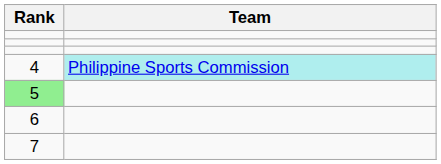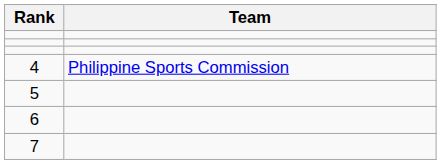 <table class="wikitable" style="text-align: center;">
 <tr>
 <th width=50>Rank</th>
 <th width=350>Team</th>
 </tr>
 <tr>
 <td></td>
 <td align="left"></td>
 </tr>
 <tr>
 <td></td>
 <td align="left"></td>
 </tr>
 <tr>
 <td></td>
 <td align="left"></td>
 </tr>
 <tr>
 <td>4</td>
-<td align="left" style="background: paleturquoise;"> <a href='#'>Philippine Sports Commission</a></td>
+<td align="left"> <a href='#'>Philippine Sports Commission</a></td>
 </tr>
 <tr>
-<td style="background: lightgreen;">5</td>
+<td>5</td>
 <td align="left"></td>
 </tr>
 <tr>
 <td>6</td>
 <td align="left"></td>
 </tr>
 <tr>
 <td>7</td>
 <td align="left"></td>
 </tr>
 </table>
